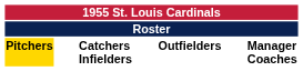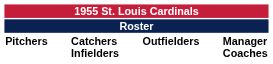 <table class="toccolours" style="font-size: 95%;">
 <tr>
 <th colspan="10" style="background-color: #c41e3a; color: white; text-align: center;">1955 St. Louis Cardinals</th>
 </tr>
 <tr>
 <td colspan="10" style="background-color: #0a2252; color: white; text-align: center;"><strong>Roster</strong></td>
 </tr>
 <tr>
-<td valign="top" style="background: gold;"><strong>Pitchers</strong><br>                   </td>
+<td valign="top"><strong>Pitchers</strong><br>                   </td>
 <td width="25px"></td>
 <td valign="top"><strong>Catchers</strong><br>    <strong>Infielders</strong>         </td>
 <td width="25px"></td>
 <td valign="top"><strong>Outfielders</strong><br>      </td>
 <td width="25px"></td>
 <td valign="top"><strong>Manager</strong><br>  <strong>Coaches</strong>    </td>
 </tr>
 </table>
